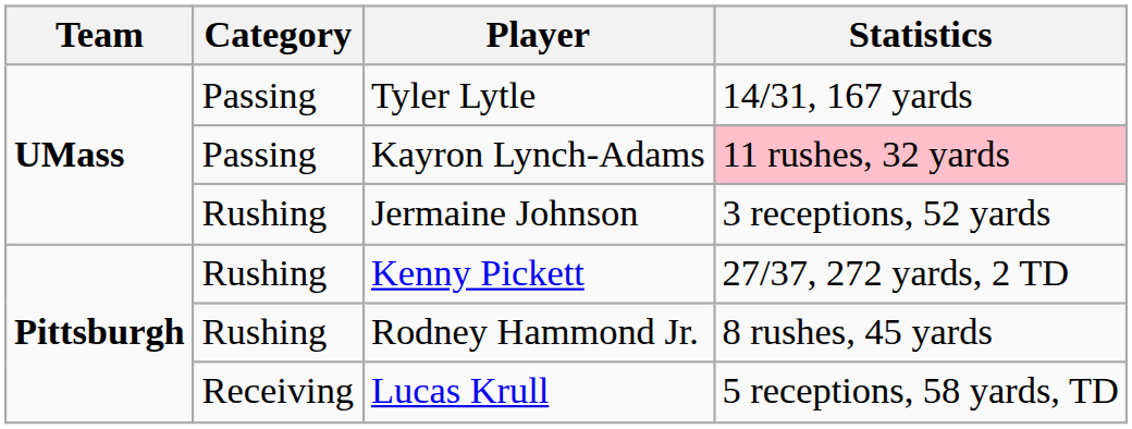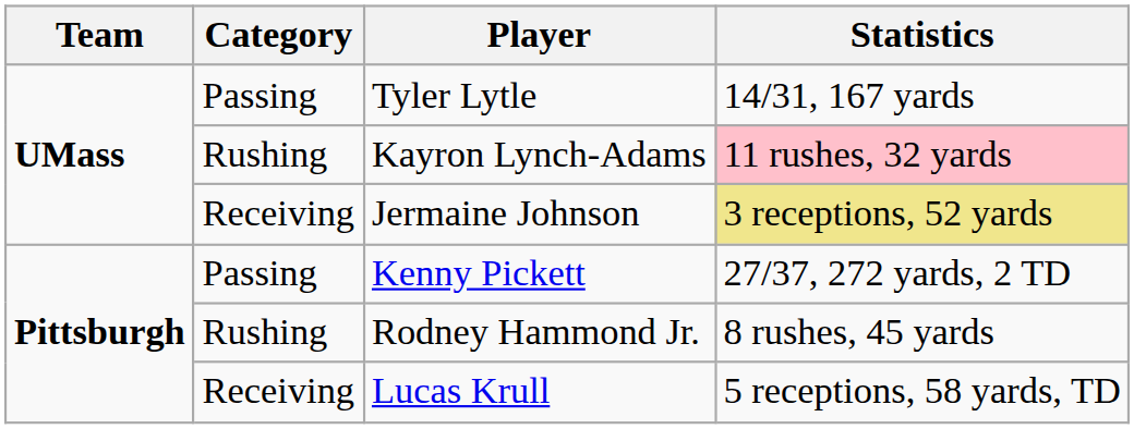 <table class="wikitable" style="float: left;">
 <tr>
 <th>Team</th>
 <th>Category</th>
 <th>Player</th>
 <th>Statistics</th>
 </tr>
 <tr>
 <td rowspan=3><strong>UMass</strong></td>
 <td>Passing</td>
 <td>Tyler Lytle</td>
 <td>14/31, 167 yards</td>
 </tr>
 <tr>
-<td>Passing</td>
+<td>Rushing</td>
 <td>Kayron Lynch-Adams</td>
 <td style="background: pink;">11 rushes, 32 yards</td>
 </tr>
 <tr>
-<td>Rushing</td>
+<td>Receiving</td>
 <td>Jermaine Johnson</td>
-<td>3 receptions, 52 yards</td>
+<td style="background: khaki;">3 receptions, 52 yards</td>
 </tr>
 <tr>
 <td rowspan=3><strong>Pittsburgh</strong></td>
-<td>Rushing</td>
+<td>Passing</td>
 <td><a href='#'>Kenny Pickett</a></td>
 <td>27/37, 272 yards, 2 TD</td>
 </tr>
 <tr>
 <td>Rushing</td>
 <td>Rodney Hammond Jr.</td>
 <td>8 rushes, 45 yards</td>
 </tr>
 <tr>
 <td>Receiving</td>
 <td><a href='#'>Lucas Krull</a></td>
 <td>5 receptions, 58 yards, TD</td>
 </tr>
 </table>
